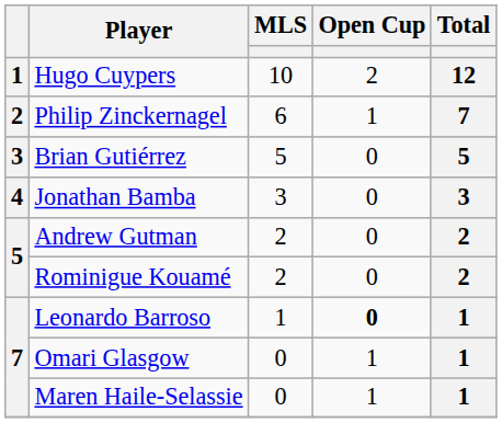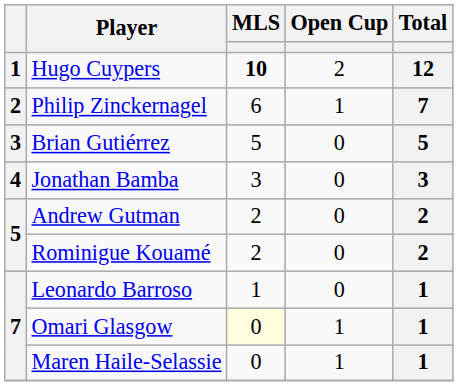 <table class="wikitable sortable" style="text-align:center; font-size:90%">
 <tr>
 <th rowspan="2"></th>
 <th rowspan="2">Player</th>
 <th colspan="1">MLS</th>
 <th colspan="1">Open Cup</th>
 <th colspan="1">Total</th>
 </tr>
 <tr>
 <th></th>
 <th></th>
 <th></th>
 </tr>
 <tr>
 <th>1</th>
 <td style="text-align:left;" data-sort-value="Cuypers, Hugo"> <a href='#'>Hugo Cuypers</a><br></td>
-<td>10<br></td>
+<td><strong>10<br></strong></td>
 <td>2<br></td>
 <th>12</th>
 </tr>
 <tr>
 <th>2</th>
 <td style="text-align:left;" data-sort-value="Zinckernagel, Philip"> <a href='#'>Philip Zinckernagel</a><br></td>
 <td>6<br></td>
 <td>1<br></td>
 <th>7</th>
 </tr>
 <tr>
 <th>3</th>
 <td style="text-align:left;" data-sort-value="Gutiérrez, Brian"> <a href='#'>Brian Gutiérrez</a><br></td>
 <td>5<br></td>
 <td>0<br></td>
 <th>5</th>
 </tr>
 <tr>
 <th>4</th>
 <td style="text-align:left;" data-sort-value="Bamba, Jonathan"> <a href='#'>Jonathan Bamba</a><br></td>
 <td>3<br></td>
 <td>0<br></td>
 <th>3</th>
 </tr>
 <tr>
 <th rowspan="2">5</th>
 <td style="text-align:left;" data-sort-value="Gutman, Andrew"> <a href='#'>Andrew Gutman</a><br></td>
 <td>2<br></td>
 <td>0<br></td>
 <th>2</th>
 </tr>
 <tr>
 <td style="text-align:left;" data-sort-value="Kouamé, Rominigue"> <a href='#'>Rominigue Kouamé</a><br></td>
 <td>2<br></td>
 <td>0<br></td>
 <th>2</th>
 </tr>
 <tr>
 <th rowspan="3">7</th>
 <td style="text-align:left;" data-sort-value="Barroso, Leonardo"> <a href='#'>Leonardo Barroso</a><br></td>
 <td>1<br></td>
-<td><strong>0<br></strong></td>
+<td>0<br></td>
 <th>1</th>
 </tr>
 <tr>
 <td style="text-align:left;" data-sort-value="Glasgow, Omari"> <a href='#'>Omari Glasgow</a><br></td>
-<td>0<br></td>
+<td style="background: lightyellow;">0<br></td>
 <td>1<br></td>
 <th>1</th>
 </tr>
 <tr>
 <td style="text-align:left;" data-sort-value="Haile-Selassie, Maren"> <a href='#'>Maren Haile-Selassie</a><br></td>
 <td>0<br></td>
 <td>1<br></td>
 <th>1</th>
 </tr>
 <tr>
 </tr>
 </table>
